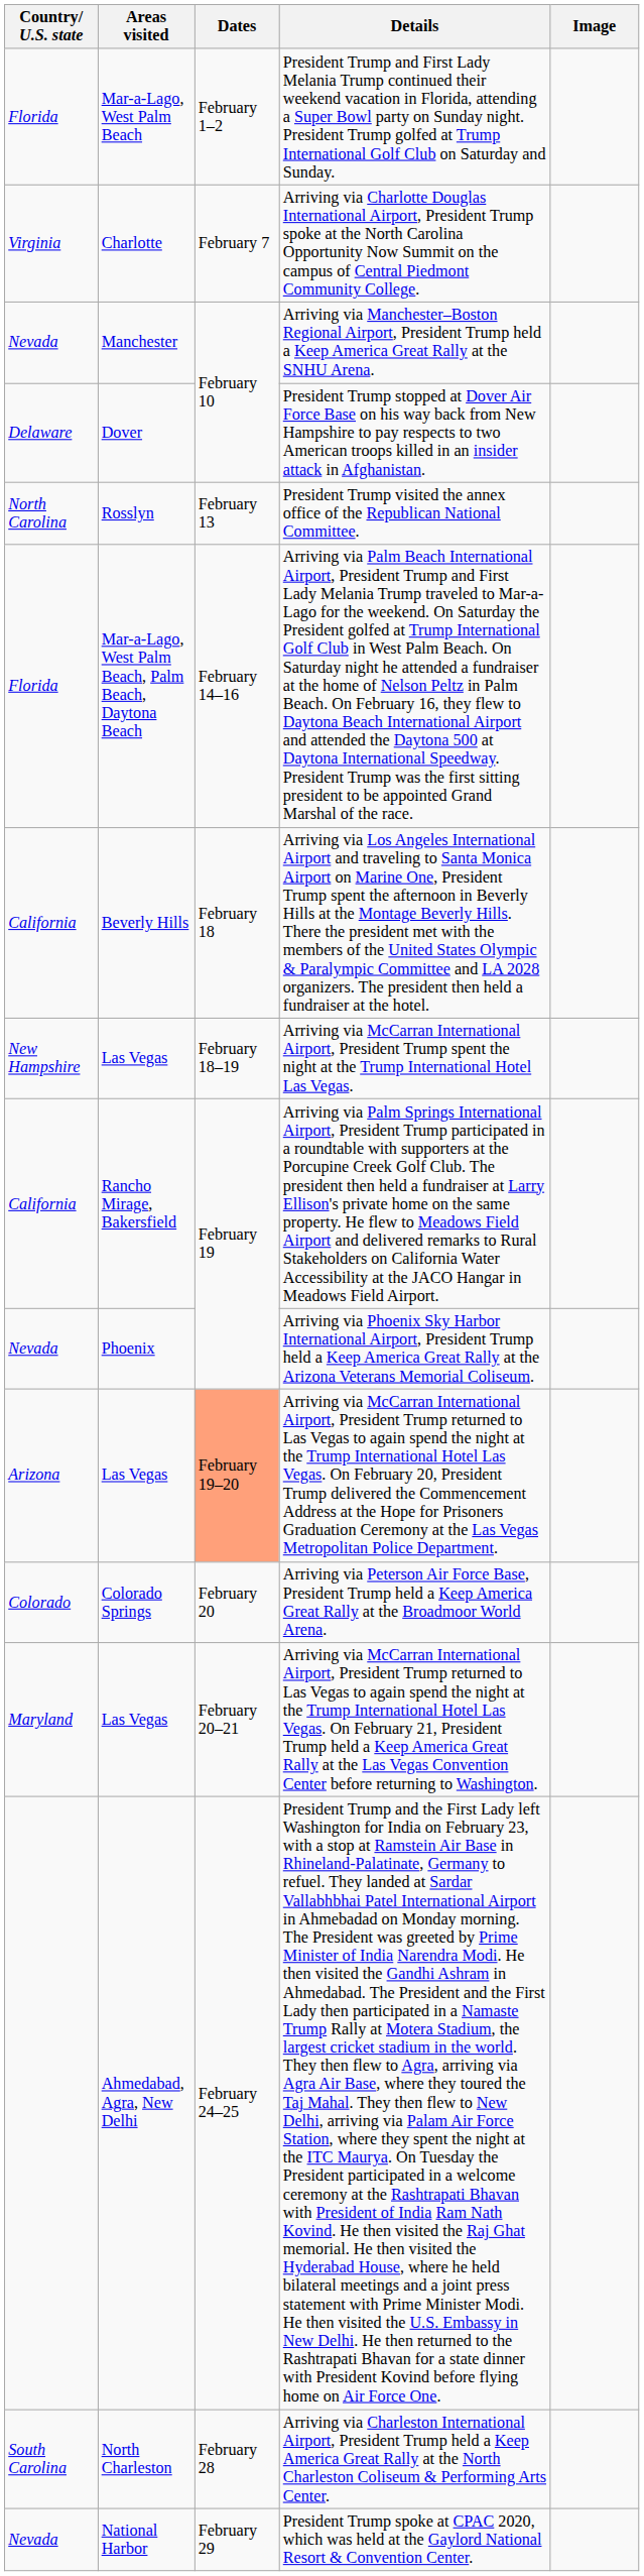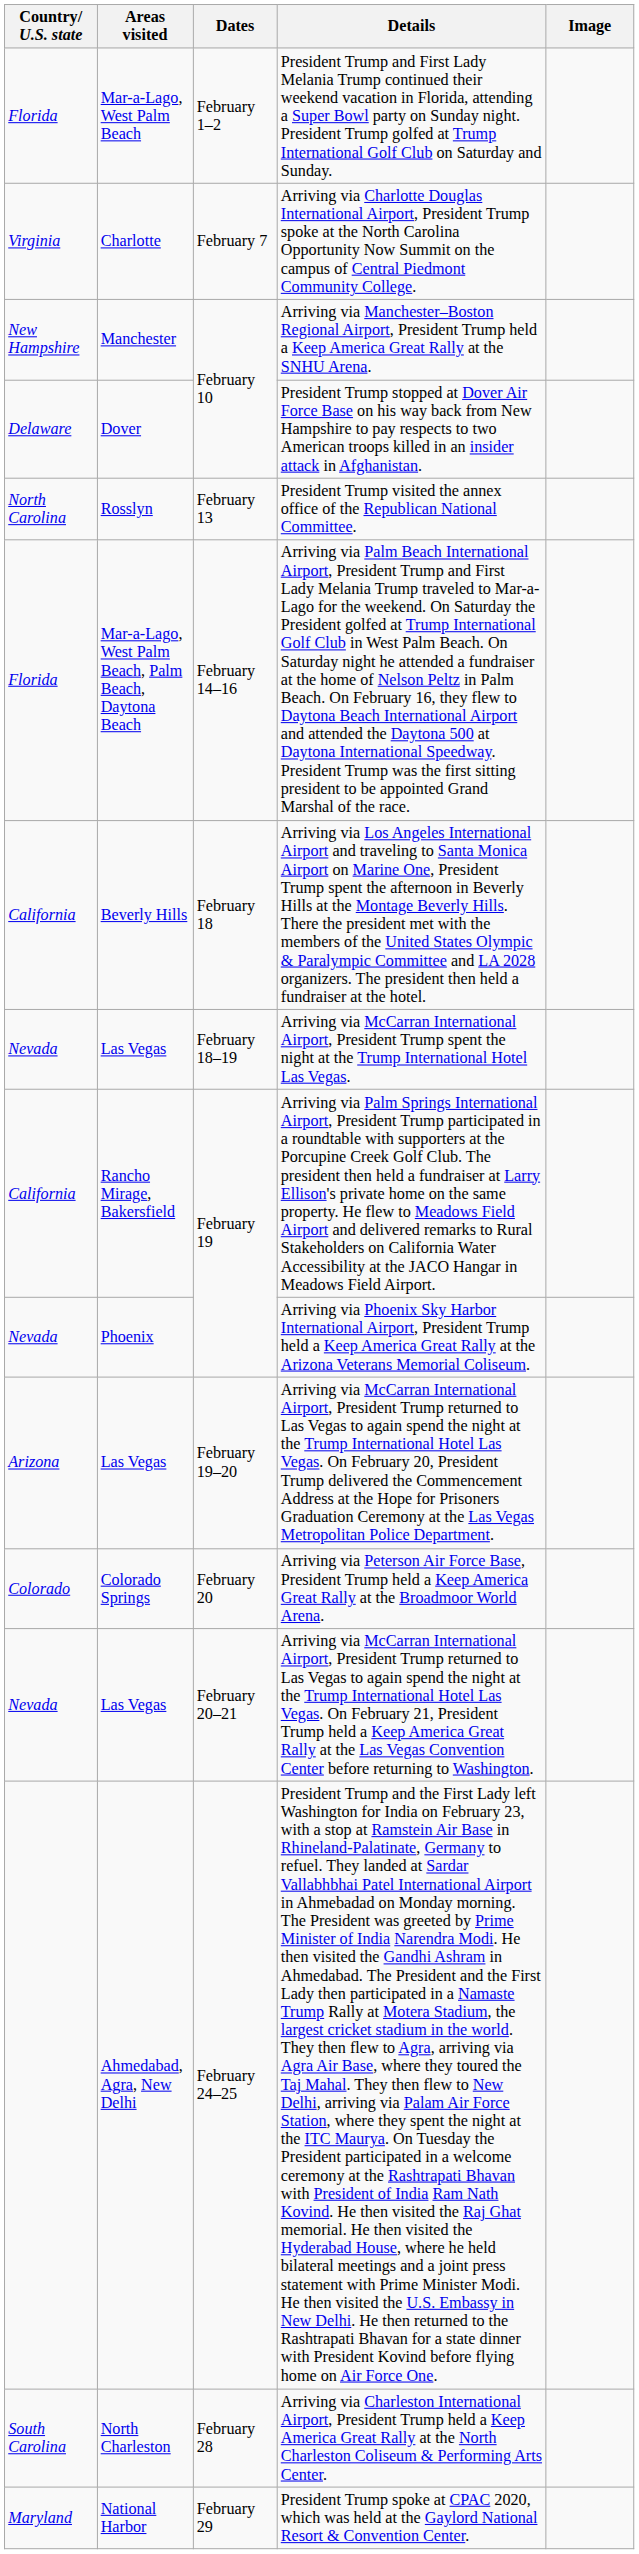 <table class="wikitable" style="margin: 1em auto 1em auto">
 <tr>
 <th width=110>Country/<br><em>U.S. state</em></th>
 <th width=100>Areas visited</th>
 <th width=110>Dates</th>
 <th width=550>Details</th>
 <th width=150>Image</th>
 </tr>
 <tr>
 <td> <em><a href='#'>Florida</a></em></td>
 <td><a href='#'>Mar-a-Lago</a>, <a href='#'>West Palm Beach</a></td>
 <td>February 1–2</td>
 <td>President Trump and First Lady Melania Trump continued their weekend vacation in Florida, attending a <a href='#'>Super Bowl</a> party on Sunday night. President Trump golfed at <a href='#'>Trump International Golf Club</a> on Saturday and Sunday.</td>
 <td></td>
 </tr>
 <tr>
 <td> <em><a href='#'>Virginia</a></em></td>
 <td><a href='#'>Charlotte</a></td>
 <td>February 7</td>
 <td>Arriving via <a href='#'>Charlotte Douglas International Airport</a>, President Trump spoke at the North Carolina Opportunity Now Summit on the campus of <a href='#'>Central Piedmont Community College</a>.</td>
 <td></td>
 </tr>
 <tr>
-<td> <em><a href='#'>Nevada</a></em></td>
+<td> <em><a href='#'>New Hampshire</a></em></td>
 <td><a href='#'>Manchester</a></td>
 <td rowspan=2>February 10</td>
 <td>Arriving via <a href='#'>Manchester–Boston Regional Airport</a>, President Trump held a <a href='#'>Keep America Great Rally</a> at the <a href='#'>SNHU Arena</a>.</td>
 <td></td>
 </tr>
 <tr>
 <td> <em><a href='#'>Delaware</a></em></td>
 <td><a href='#'>Dover</a></td>
 <td>President Trump stopped at <a href='#'>Dover Air Force Base</a> on his way back from New Hampshire to pay respects to two American troops killed in an <a href='#'>insider attack</a> in <a href='#'>Afghanistan</a>.</td>
 <td></td>
 </tr>
 <tr>
 <td> <em><a href='#'>North Carolina</a></em></td>
 <td><a href='#'>Rosslyn</a></td>
 <td>February 13</td>
 <td>President Trump visited the annex office of the <a href='#'>Republican National Committee</a>.</td>
 <td></td>
 </tr>
 <tr>
 <td> <em><a href='#'>Florida</a></em></td>
 <td><a href='#'>Mar-a-Lago</a>, <a href='#'>West Palm Beach</a>, <a href='#'>Palm Beach</a>, <a href='#'>Daytona Beach</a></td>
 <td>February 14–16</td>
 <td>Arriving via <a href='#'>Palm Beach International Airport</a>, President Trump and First Lady Melania Trump traveled to Mar-a-Lago for the weekend. On Saturday the President golfed at <a href='#'>Trump International Golf Club</a> in West Palm Beach. On Saturday night he attended a fundraiser at the home of <a href='#'>Nelson Peltz</a> in Palm Beach. On February 16, they flew to <a href='#'>Daytona Beach International Airport</a> and attended the <a href='#'>Daytona 500</a> at <a href='#'>Daytona International Speedway</a>. President Trump was the first sitting president to be appointed Grand Marshal of the race.</td>
 <td></td>
 </tr>
 <tr>
 <td> <em><a href='#'>California</a></em></td>
 <td><a href='#'>Beverly Hills</a></td>
 <td>February 18</td>
 <td>Arriving via <a href='#'>Los Angeles International Airport</a> and traveling to <a href='#'>Santa Monica Airport</a> on <a href='#'>Marine One</a>, President Trump spent the afternoon in Beverly Hills at the <a href='#'>Montage Beverly Hills</a>. There the president met with the members of the <a href='#'>United States Olympic & Paralympic Committee</a> and <a href='#'>LA 2028</a> organizers. The president then held a fundraiser at the hotel.</td>
 <td></td>
 </tr>
 <tr>
-<td> <em><a href='#'>New Hampshire</a></em></td>
+<td> <em><a href='#'>Nevada</a></em></td>
 <td><a href='#'>Las Vegas</a></td>
 <td>February 18–19</td>
 <td>Arriving via <a href='#'>McCarran International Airport</a>, President Trump spent the night at the <a href='#'>Trump International Hotel Las Vegas</a>.</td>
 <td></td>
 </tr>
 <tr>
 <td> <em><a href='#'>California</a></em></td>
 <td><a href='#'>Rancho Mirage</a>, <a href='#'>Bakersfield</a></td>
 <td rowspan=2>February 19</td>
 <td>Arriving via <a href='#'>Palm Springs International Airport</a>, President Trump participated in a roundtable with supporters at the Porcupine Creek Golf Club. The president then held a fundraiser at <a href='#'>Larry Ellison</a>'s private home on the same property. He flew to <a href='#'>Meadows Field Airport</a> and delivered remarks to Rural Stakeholders on California Water Accessibility at the JACO Hangar in Meadows Field Airport.</td>
 <td></td>
 </tr>
 <tr>
 <td> <em><a href='#'>Nevada</a></em></td>
 <td><a href='#'>Phoenix</a></td>
 <td>Arriving via <a href='#'>Phoenix Sky Harbor International Airport</a>, President Trump held a <a href='#'>Keep America Great Rally</a> at the <a href='#'>Arizona Veterans Memorial Coliseum</a>.</td>
 <td></td>
 </tr>
 <tr>
 <td> <em><a href='#'>Arizona</a></em></td>
 <td><a href='#'>Las Vegas</a></td>
-<td style="background: lightsalmon;">February 19–20</td>
+<td>February 19–20</td>
 <td>Arriving via <a href='#'>McCarran International Airport</a>, President Trump returned to Las Vegas to again spend the night at the <a href='#'>Trump International Hotel Las Vegas</a>. On February 20, President Trump delivered the Commencement Address at the Hope for Prisoners Graduation Ceremony at the <a href='#'>Las Vegas Metropolitan Police Department</a>.</td>
 <td></td>
 </tr>
 <tr>
 <td> <em><a href='#'>Colorado</a></em></td>
 <td><a href='#'>Colorado Springs</a></td>
 <td>February 20</td>
 <td>Arriving via <a href='#'>Peterson Air Force Base</a>, President Trump held a <a href='#'>Keep America Great Rally</a> at the <a href='#'>Broadmoor World Arena</a>.</td>
 <td></td>
 </tr>
 <tr>
-<td> <em><a href='#'>Maryland</a></em></td>
+<td> <em><a href='#'>Nevada</a></em></td>
 <td><a href='#'>Las Vegas</a></td>
 <td>February 20–21</td>
 <td>Arriving via <a href='#'>McCarran International Airport</a>, President Trump returned to Las Vegas to again spend the night at the <a href='#'>Trump International Hotel Las Vegas</a>. On February 21, President Trump held a <a href='#'>Keep America Great Rally</a> at the <a href='#'>Las Vegas Convention Center</a> before returning to <a href='#'>Washington</a>.</td>
 <td></td>
 </tr>
 <tr>
 <td></td>
 <td><a href='#'>Ahmedabad</a>, <a href='#'>Agra</a>, <a href='#'>New Delhi</a></td>
 <td>February 24–25</td>
 <td>President Trump and the First Lady left Washington for India on February 23, with a stop at <a href='#'>Ramstein Air Base</a> in <a href='#'>Rhineland-Palatinate</a>, <a href='#'>Germany</a> to refuel. They landed at <a href='#'>Sardar Vallabhbhai Patel International Airport</a> in Ahmebadad on Monday morning. The President was greeted by <a href='#'>Prime Minister of India</a> <a href='#'>Narendra Modi</a>. He then visited the <a href='#'>Gandhi Ashram</a> in Ahmedabad. The President and the First Lady then participated in a <a href='#'>Namaste Trump</a> Rally at <a href='#'>Motera Stadium</a>, the <a href='#'>largest cricket stadium in the world</a>. They then flew to <a href='#'>Agra</a>, arriving via <a href='#'>Agra Air Base</a>, where they toured the <a href='#'>Taj Mahal</a>. They then flew to <a href='#'>New Delhi</a>, arriving via <a href='#'>Palam Air Force Station</a>, where they spent the night at the <a href='#'>ITC Maurya</a>. On Tuesday the President participated in a welcome ceremony at the <a href='#'>Rashtrapati Bhavan</a> with <a href='#'>President of India</a> <a href='#'>Ram Nath Kovind</a>. He then visited the <a href='#'>Raj Ghat</a> memorial. He then visited the <a href='#'>Hyderabad House</a>, where he held bilateral meetings and a joint press statement with Prime Minister Modi. He then visited the <a href='#'>U.S. Embassy in New Delhi</a>. He then returned to the Rashtrapati Bhavan for a state dinner with President Kovind before flying home on <a href='#'>Air Force One</a>.</td>
 <td></td>
 </tr>
 <tr>
 <td> <em><a href='#'>South Carolina</a></em></td>
 <td><a href='#'>North Charleston</a></td>
 <td>February 28</td>
 <td>Arriving via <a href='#'>Charleston International Airport</a>, President Trump held a <a href='#'>Keep America Great Rally</a> at the <a href='#'>North Charleston Coliseum & Performing Arts Center</a>.</td>
 <td></td>
 </tr>
 <tr>
-<td> <em><a href='#'>Nevada</a></em></td>
+<td> <em><a href='#'>Maryland</a></em></td>
 <td><a href='#'>National Harbor</a></td>
 <td>February 29</td>
 <td>President Trump spoke at <a href='#'>CPAC</a> 2020, which was held at the <a href='#'>Gaylord National Resort & Convention Center</a>.</td>
 <td></td>
 </tr>
 </table>
